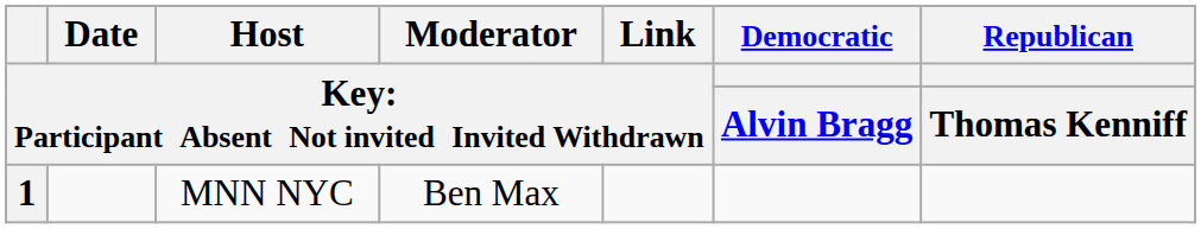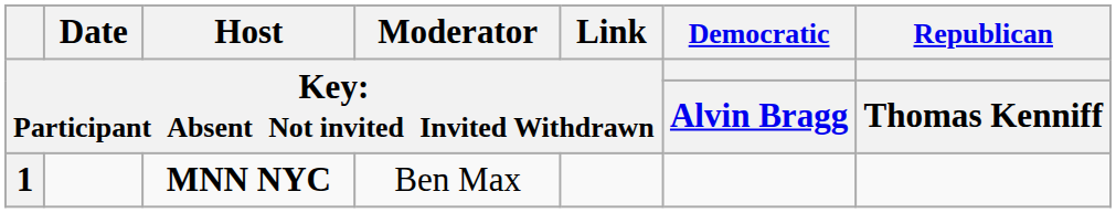 <table class="wikitable" style="text-align:center;">
 <tr>
 <th scope="col"></th>
 <th scope="col">Date</th>
 <th scope="col">Host</th>
 <th scope="col">Moderator</th>
 <th scope="col">Link</th>
 <th scope="col"><small><a href='#'>Democratic</a></small></th>
 <th scope="col"><small><a href='#'>Republican</a></small></th>
 </tr>
 <tr>
 <th colspan="5" rowspan="2">Key:<br> <small>Participant </small>  <small>Absent </small>  <small>Not invited </small>  <small>Invited  Withdrawn</small></th>
 <th scope="col" style="background:"></th>
 <th scope="col" style="background:"></th>
 </tr>
 <tr>
 <th scope="col"><a href='#'>Alvin Bragg</a></th>
 <th scope="col">Thomas Kenniff</th>
 </tr>
 <tr>
 <th>1</th>
 <td style="white-space:nowrap;"></td>
-<td style="white-space:nowrap;">MNN NYC</td>
+<td style="white-space:nowrap;"><strong>MNN NYC</strong></td>
 <td style="white-space:nowrap;">Ben Max</td>
 <td style="white-space:nowrap;"></td>
 <td></td>
 <td></td>
 </tr>
 </table>
